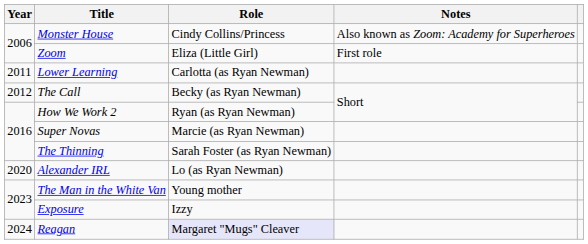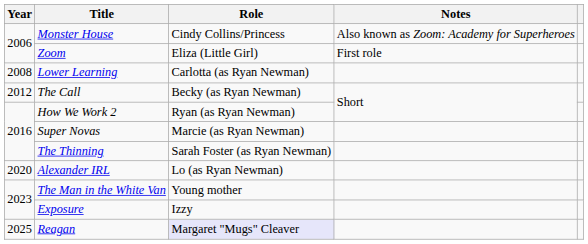 <table class="wikitable sortable">
 <tr>
 <th>Year</th>
 <th>Title</th>
 <th>Role</th>
 <th class="unsortable">Notes</th>
 <th class="unsortable"></th>
 </tr>
 <tr>
 <td rowspan="2">2006</td>
 <td><em><a href='#'>Monster House</a></em></td>
 <td>Cindy Collins/Princess</td>
 <td>Also known as <em>Zoom: Academy for Superheroes</em></td>
 <td></td>
 </tr>
 <tr>
 <td><em><a href='#'>Zoom</a></em></td>
 <td>Eliza (Little Girl)</td>
 <td>First role</td>
 <td></td>
 </tr>
 <tr>
-<td>2011</td>
+<td>2008</td>
 <td><em><a href='#'>Lower Learning</a></em></td>
 <td>Carlotta (as Ryan Newman)</td>
 <td></td>
 <td></td>
 </tr>
 <tr>
 <td>2012</td>
 <td><em>The Call</em></td>
 <td>Becky (as Ryan Newman)</td>
 <td rowspan="2">Short</td>
 <td></td>
 </tr>
 <tr>
 <td rowspan="3">2016</td>
 <td><em>How We Work 2</em></td>
 <td>Ryan (as Ryan Newman)</td>
 <td></td>
 </tr>
 <tr>
 <td><em>Super Novas</em></td>
 <td>Marcie (as Ryan Newman)</td>
 <td></td>
 <td></td>
 </tr>
 <tr>
 <td><em><a href='#'>The Thinning</a></em></td>
 <td>Sarah Foster (as Ryan Newman)</td>
 <td></td>
 <td></td>
 </tr>
 <tr>
 <td>2020</td>
 <td><em><a href='#'>Alexander IRL</a></em></td>
 <td>Lo (as Ryan Newman)</td>
 <td></td>
 <td></td>
 </tr>
 <tr>
 <td rowspan="2">2023</td>
 <td><em><a href='#'>The Man in the White Van</a></em></td>
 <td>Young mother</td>
 <td></td>
 <td></td>
 </tr>
 <tr>
 <td><em><a href='#'>Exposure</a></em></td>
 <td>Izzy</td>
 <td></td>
 <td></td>
 </tr>
 <tr>
-<td>2024</td>
+<td>2025</td>
 <td><em><a href='#'>Reagan</a></em></td>
 <td style="background: lavender;">Margaret "Mugs" Cleaver</td>
 <td></td>
 <td></td>
 </tr>
 </table>
